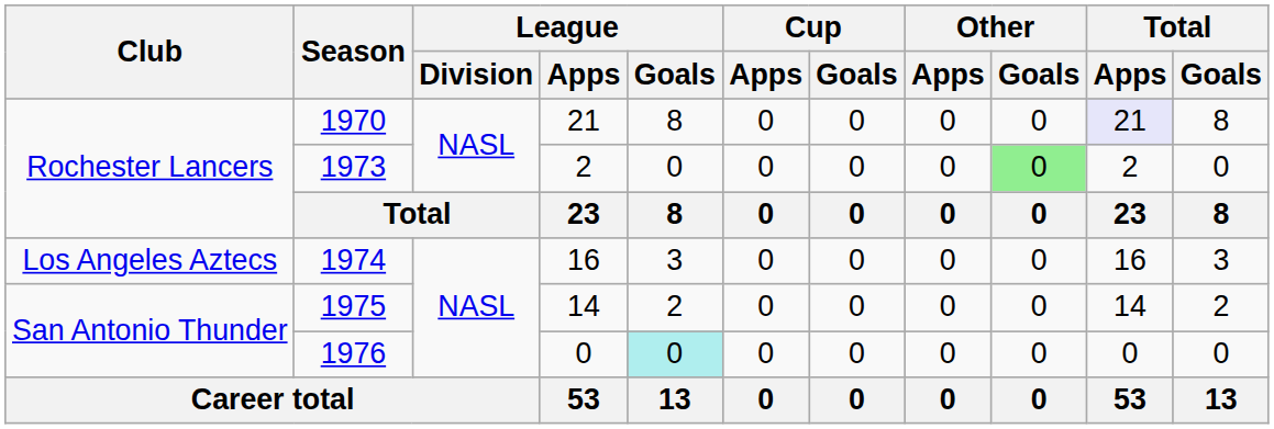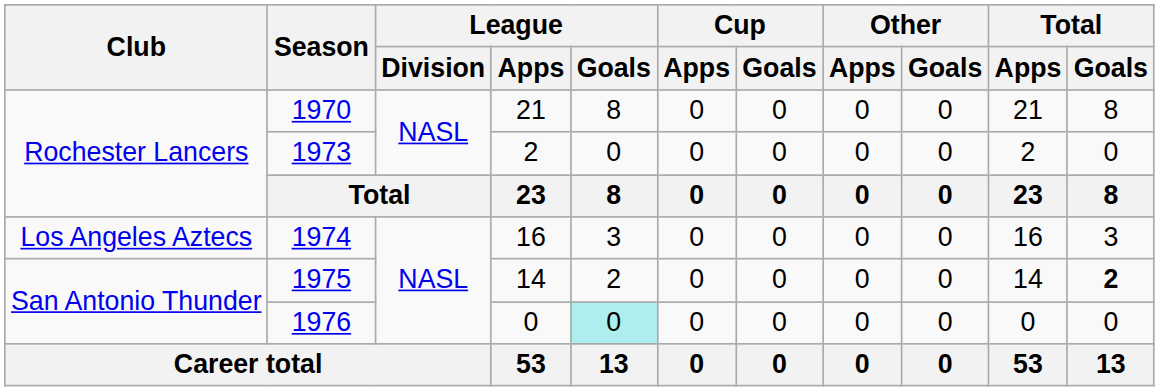 <table class="wikitable" style="text-align: center">
 <tr>
 <th rowspan="2">Club</th>
 <th rowspan="2">Season</th>
 <th colspan="3">League</th>
 <th colspan="2">Cup</th>
 <th colspan="2">Other</th>
 <th colspan="2">Total</th>
 </tr>
 <tr>
 <th>Division</th>
 <th>Apps</th>
 <th>Goals</th>
 <th>Apps</th>
 <th>Goals</th>
 <th>Apps</th>
 <th>Goals</th>
 <th>Apps</th>
 <th>Goals</th>
 </tr>
 <tr>
 <td rowspan="3"><a href='#'>Rochester Lancers</a></td>
 <td><a href='#'>1970</a></td>
 <td rowspan="2"><a href='#'>NASL</a></td>
 <td>21</td>
 <td>8</td>
 <td>0</td>
 <td>0</td>
 <td>0</td>
 <td>0</td>
-<td style="background: lavender;">21</td>
+<td>21</td>
 <td>8</td>
 </tr>
 <tr>
 <td><a href='#'>1973</a></td>
 <td>2</td>
 <td>0</td>
 <td>0</td>
 <td>0</td>
 <td>0</td>
-<td style="background: lightgreen;">0</td>
+<td>0</td>
 <td>2</td>
 <td>0</td>
 </tr>
 <tr>
 <th colspan="2"><strong>Total</strong></th>
 <th>23</th>
 <th>8</th>
 <th>0</th>
 <th>0</th>
 <th>0</th>
 <th>0</th>
 <th>23</th>
 <th>8</th>
 </tr>
 <tr>
 <td><a href='#'>Los Angeles Aztecs</a></td>
 <td><a href='#'>1974</a></td>
 <td rowspan="3"><a href='#'>NASL</a></td>
 <td>16</td>
 <td>3</td>
 <td>0</td>
 <td>0</td>
 <td>0</td>
 <td>0</td>
 <td>16</td>
 <td>3</td>
 </tr>
 <tr>
 <td rowspan="2"><a href='#'>San Antonio Thunder</a></td>
 <td><a href='#'>1975</a></td>
 <td>14</td>
 <td>2</td>
 <td>0</td>
 <td>0</td>
 <td>0</td>
 <td>0</td>
 <td>14</td>
-<td>2</td>
+<td><strong>2</strong></td>
 </tr>
 <tr>
 <td><a href='#'>1976</a></td>
 <td>0</td>
 <td style="background: paleturquoise;">0</td>
 <td>0</td>
 <td>0</td>
 <td>0</td>
 <td>0</td>
 <td>0</td>
 <td>0</td>
 </tr>
 <tr>
 <th colspan="3"><strong>Career total</strong></th>
 <th>53</th>
 <th>13</th>
 <th>0</th>
 <th>0</th>
 <th>0</th>
 <th>0</th>
 <th>53</th>
 <th>13</th>
 </tr>
 </table>
